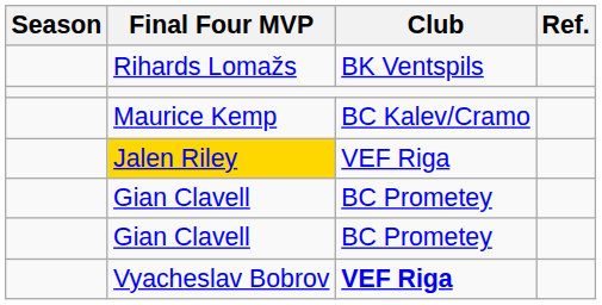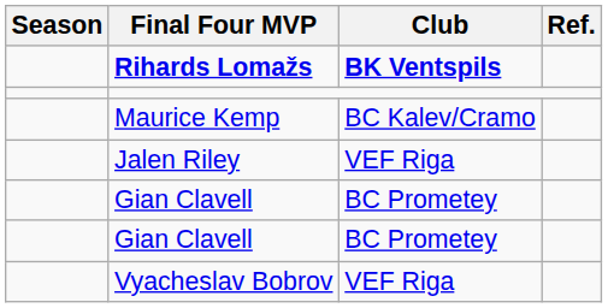 <table class="wikitable sortable">
 <tr>
 <th>Season</th>
 <th>Final Four MVP</th>
 <th>Club</th>
 <th>Ref.</th>
 </tr>
 <tr>
 <td></td>
-<td> <a href='#'>Rihards Lomažs</a></td>
-<td> <a href='#'>BK Ventspils</a></td>
+<td><strong> <a href='#'>Rihards Lomažs</a></strong></td>
+<td><strong> <a href='#'>BK Ventspils</a></strong></td>
 <td></td>
 </tr>
 <tr>
 <td></td>
 <td colspan=5></td>
 </tr>
 <tr>
 <td></td>
 <td> <a href='#'>Maurice Kemp</a></td>
 <td> <a href='#'>BC Kalev/Cramo</a></td>
 <td></td>
 </tr>
 <tr>
 <td></td>
-<td style="background: gold;"> <a href='#'>Jalen Riley</a></td>
+<td> <a href='#'>Jalen Riley</a></td>
 <td> <a href='#'>VEF Riga</a></td>
 <td></td>
 </tr>
 <tr>
 <td></td>
 <td> <a href='#'>Gian Clavell</a></td>
 <td> <a href='#'>BC Prometey</a></td>
 <td></td>
 </tr>
 <tr>
 <td></td>
 <td> <a href='#'>Gian Clavell</a></td>
 <td> <a href='#'>BC Prometey</a></td>
 <td></td>
 </tr>
 <tr>
 <td></td>
 <td> <a href='#'>Vyacheslav Bobrov</a></td>
-<td><strong> <a href='#'>VEF Riga</a></strong></td>
+<td> <a href='#'>VEF Riga</a></td>
 <td></td>
 </tr>
 </table>
